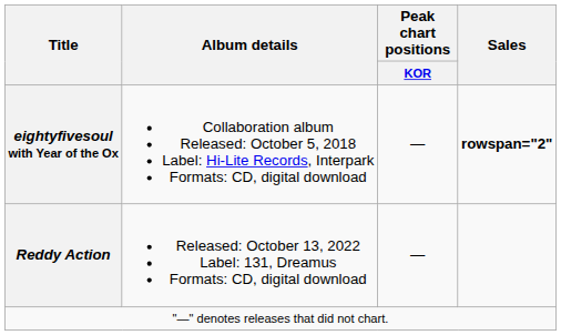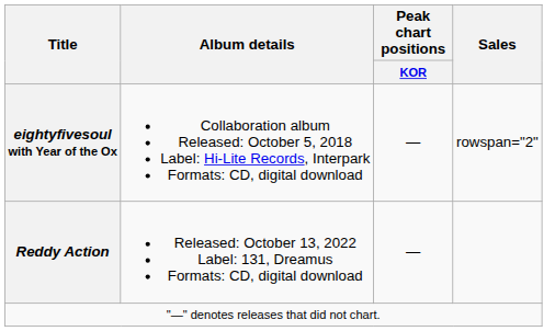 <table class="wikitable plainrowheaders" style="text-align:center;">
 <tr>
 <th scope="col" rowspan="2">Title</th>
 <th scope="col" rowspan="2">Album details</th>
 <th scope="col" colspan="1" style="width:5em;">Peak chart positions</th>
 <th scope="col" rowspan="2">Sales</th>
 </tr>
 <tr>
 <th><small><a href='#'>KOR</a></small><br></th>
 </tr>
 <tr>
 <th scope="row"><em>eightyfivesoul</em> <br><small>with Year of the Ox</small></th>
 <td><br><ul><li>Collaboration album</li><li>Released: October 5, 2018</li><li>Label: <a href='#'>Hi-Lite Records</a>, Interpark</li><li>Formats: CD, digital download</li></ul></td>
 <td>—</td>
-<td><strong>rowspan="2" </strong></td>
+<td>rowspan="2" </td>
 </tr>
 <tr>
 <th scope="row"><em>Reddy Action</em></th>
 <td><br><ul><li>Released: October 13, 2022</li><li>Label: 131, Dreamus</li><li>Formats: CD, digital download</li></ul></td>
 <td>—</td>
 </tr>
 <tr>
 <td colspan="4" align="center"><small>"—" denotes releases that did not chart.</small></td>
 </tr>
 </table>
